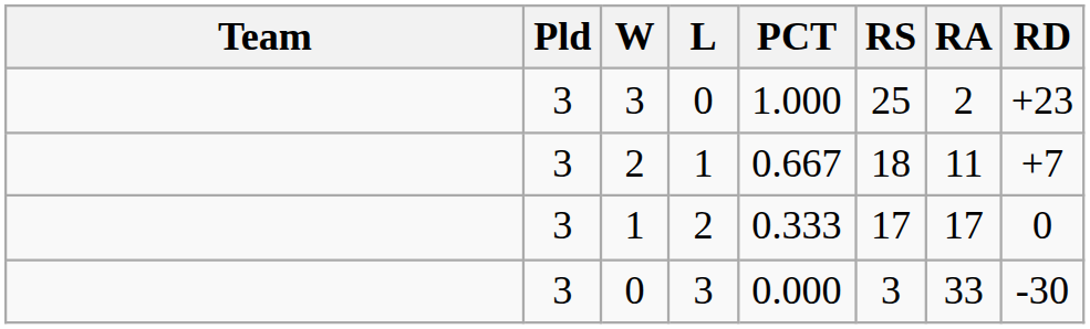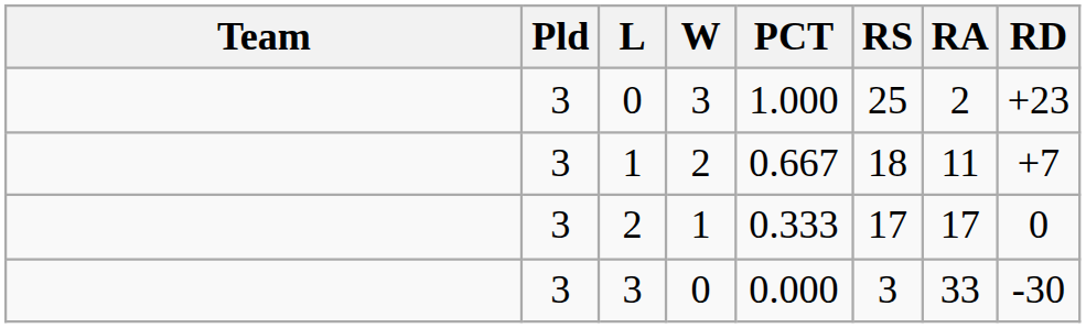 <table class=wikitable style="text-align:center">
 <tr>
 <th width=200>Team</th>
 <th width=20>Pld</th>
+<th width=20>L</th>
 <th width=20>W</th>
-<th width=20>L</th>
 <th width=40>PCT</th>
 <th width=20>RS</th>
 <th width=20>RA</th>
 <th width=20>RD</th>
 </tr>
 <tr>
 <td align=left><strong></strong></td>
 <td>3</td>
+<td>0</td>
 <td>3</td>
-<td>0</td>
 <td>1.000</td>
 <td>25</td>
 <td>2</td>
 <td>+23</td>
 </tr>
 <tr>
 <td align=left><strong></strong></td>
 <td>3</td>
+<td>1</td>
 <td>2</td>
-<td>1</td>
 <td>0.667</td>
 <td>18</td>
 <td>11</td>
 <td>+7</td>
 </tr>
 <tr>
 <td align=left></td>
 <td>3</td>
+<td>2</td>
 <td>1</td>
-<td>2</td>
 <td>0.333</td>
 <td>17</td>
 <td>17</td>
 <td>0</td>
 </tr>
 <tr>
 <td align=left></td>
 <td>3</td>
+<td>3</td>
 <td>0</td>
-<td>3</td>
 <td>0.000</td>
 <td>3</td>
 <td>33</td>
 <td>-30</td>
 </tr>
 </table>
